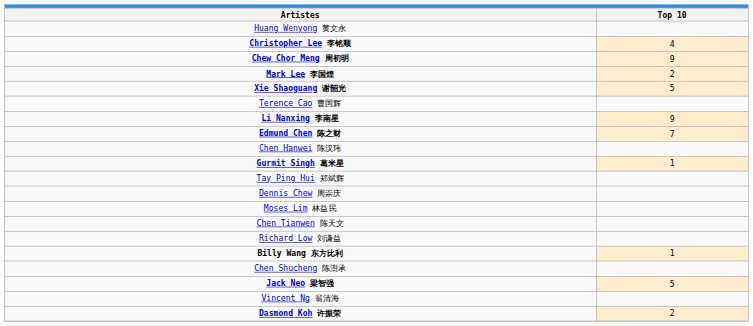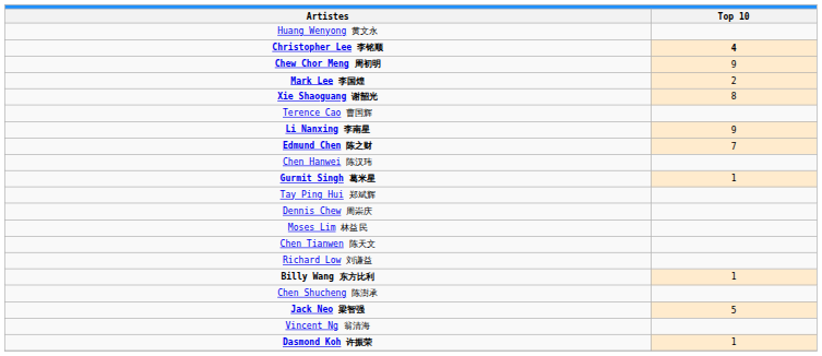 <table class="wikitable" style="width:95%">
 <tr bgcolor="#bebebe">
 <td colspan=5 data-sort-value="ω" style="background-color:#1E90FF; font-weight:bold; text-align:center;"></td>
 </tr>
 <tr>
 <th width="4%">Artistes</th>
 <th width="1%">Top 10</th>
 </tr>
 <tr>
 <td align="center"><a href='#'>Huang Wenyong</a> 黄文永</td>
 <td></td>
 </tr>
 <tr>
 <td align="center"><strong><a href='#'>Christopher Lee</a> 李铭顺</strong></td>
-<td style="background:#FFEBCD; text-align:center;">4</td>
+<td style="background:#FFEBCD; text-align:center;"><strong>4</strong></td>
 </tr>
 <tr>
 <td align="center"><strong><a href='#'>Chew Chor Meng</a> 周初明</strong></td>
 <td style="background:#FFEBCD; text-align:center;">9</td>
 </tr>
 <tr>
 <td align="center"><strong><a href='#'>Mark Lee</a> 李国煌</strong></td>
 <td style="background:#FFEBCD; text-align:center;">2</td>
 </tr>
 <tr>
 <td align="center"><strong><a href='#'>Xie Shaoguang</a> 谢韶光</strong></td>
-<td style="background:#FFEBCD; text-align:center;">5</td>
+<td style="background:#FFEBCD; text-align:center;">8</td>
 </tr>
 <tr>
 <td align="center"><a href='#'>Terence Cao</a> 曹国辉</td>
 <td></td>
 </tr>
 <tr>
 <td align="center"><strong><a href='#'>Li Nanxing</a> 李南星</strong></td>
 <td style="background:#FFEBCD; text-align:center;">9</td>
 </tr>
 <tr>
 <td align="center"><strong><a href='#'>Edmund Chen</a> 陈之财</strong></td>
 <td style="background:#FFEBCD; text-align:center;">7</td>
 </tr>
 <tr>
 <td align="center"><a href='#'>Chen Hanwei</a> 陈汉玮</td>
 <td></td>
 </tr>
 <tr>
 <td align="center"><strong><a href='#'>Gurmit Singh</a> 葛米星</strong></td>
 <td style="background:#FFEBCD; text-align:center;">1</td>
 </tr>
 <tr>
 <td align="center"><a href='#'>Tay Ping Hui</a> 郑斌辉</td>
 <td></td>
 </tr>
 <tr>
 <td align="center"><a href='#'>Dennis Chew</a> 周崇庆</td>
 <td></td>
 </tr>
 <tr>
 <td align="center"><a href='#'>Moses Lim</a> 林益民</td>
 <td></td>
 </tr>
 <tr>
 <td align="center"><a href='#'>Chen Tianwen</a> 陈天文</td>
 <td></td>
 </tr>
 <tr>
 <td align="center"><a href='#'>Richard Low</a> 刘谦益</td>
 <td></td>
 </tr>
 <tr>
 <td align="center"><strong>Billy Wang 东方比利</strong></td>
 <td style="background:#FFEBCD; text-align:center;">1</td>
 </tr>
 <tr>
 <td align="center"><a href='#'>Chen Shucheng</a> 陈澍承</td>
 <td></td>
 </tr>
 <tr>
 <td align="center"><strong><a href='#'>Jack Neo</a> 梁智强</strong></td>
 <td style="background:#FFEBCD; text-align:center;">5</td>
 </tr>
 <tr>
 <td align="center"><a href='#'>Vincent Ng</a> 翁清海</td>
 <td></td>
 </tr>
 <tr>
 <td align="center"><strong><a href='#'>Dasmond Koh</a> 许振荣</strong></td>
-<td style="background:#FFEBCD; text-align:center;">2</td>
+<td style="background:#FFEBCD; text-align:center;">1</td>
 </tr>
 <tr>
 </tr>
 </table>
